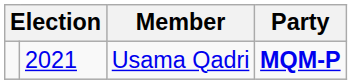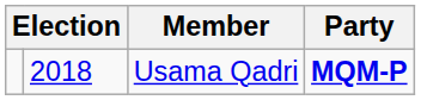 <table class="wikitable">
 <tr>
 <th colspan="2">Election</th>
 <th>Member</th>
 <th>Party</th>
 </tr>
 <tr>
 <td style="background-color: "></td>
-<td><a href='#'>2021</a></td>
+<td><a href='#'>2018</a></td>
 <td><a href='#'>Usama Qadri</a></td>
 <td><strong><a href='#'>MQM-P</a></strong></td>
 </tr>
 </table>
